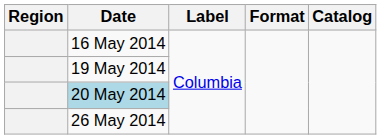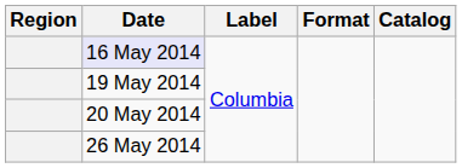 <table class="wikitable plainrowheaders">
 <tr>
 <th>Region</th>
 <th>Date</th>
 <th>Label</th>
 <th>Format</th>
 <th>Catalog</th>
 </tr>
 <tr>
 <th scope="row"></th>
-<td>16 May 2014</td>
+<td style="background: lavender;">16 May 2014</td>
 <td rowspan="4"><a href='#'>Columbia</a></td>
 <td rowspan="4"></td>
 <td rowspan="4"></td>
 </tr>
 <tr>
 <th scope="row"></th>
 <td>19 May 2014</td>
 </tr>
 <tr>
 <th scope="row"></th>
-<td style="background: lightblue;">20 May 2014</td>
+<td>20 May 2014</td>
 </tr>
 <tr>
 <th scope="row"></th>
 <td>26 May 2014</td>
 </tr>
 </table>
